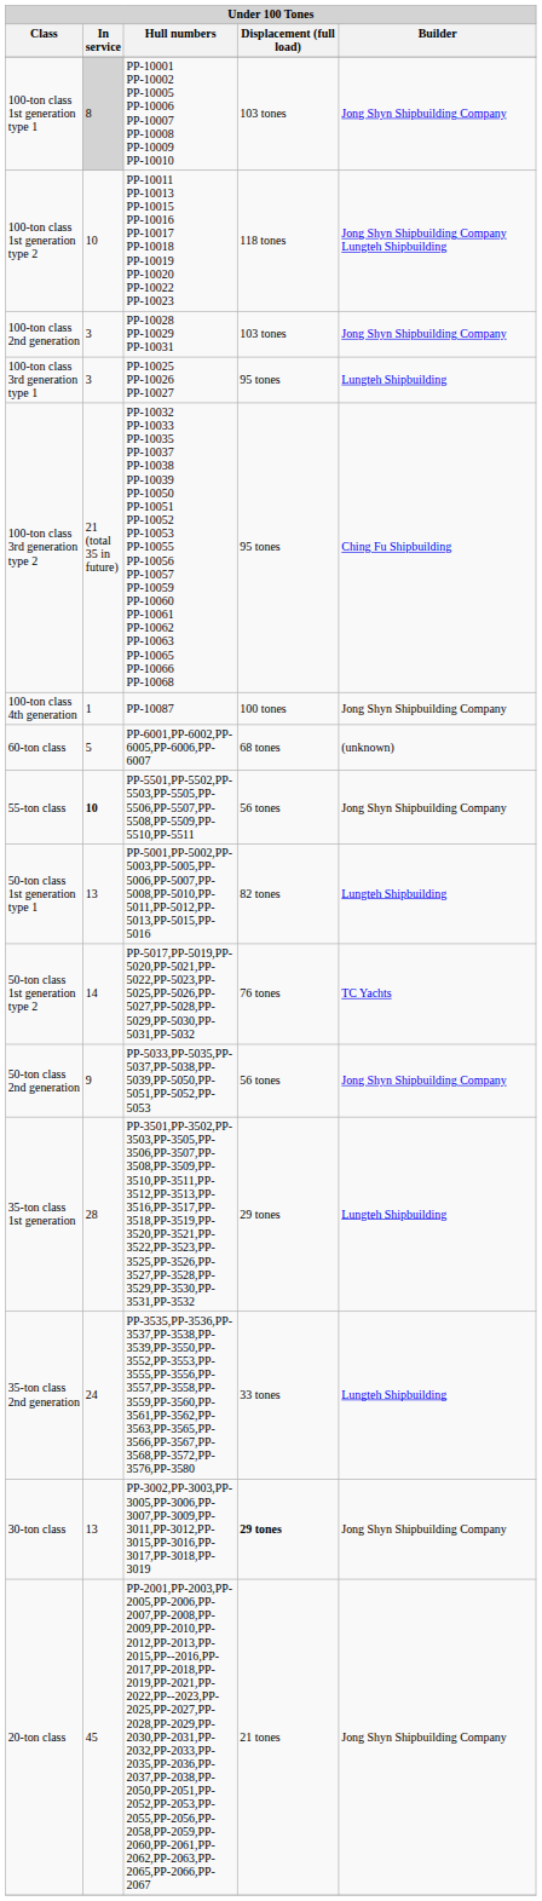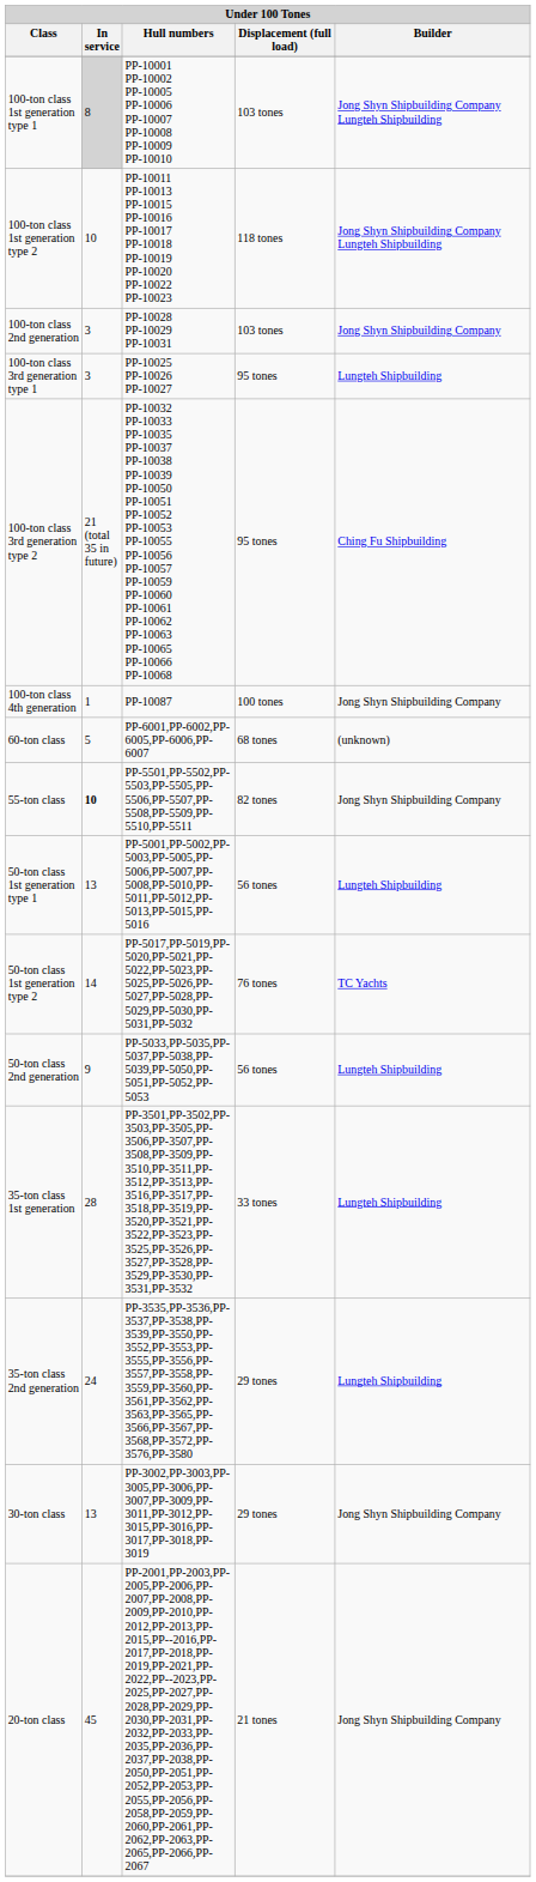 <table class="wikitable sortable" style="margin-left:auto;margin-right:auto;text-align: left;”">
 <tr>
 <th style="align: center; background:#D3D3D3;" colspan="8">Under 100 Tones</th>
 </tr>
 <tr valign="top">
 <th style="width: 6em" class="unsortable">Class</th>
 <th style="width: 2em">In service</th>
 <th style="width: 9em">Hull numbers</th>
 <th style="width: 8em" data-sort-type="number">Displacement (full load)</th>
 <th style="width: 16em">Builder</th>
 </tr>
 <tr valign="top">
 </tr>
 <tr>
 <td>100-ton class 1st generation type 1</td>
 <td style="background: lightgrey;">8</td>
 <td>PP-10001 <br> PP-10002 <br> PP-10005 <br> PP-10006 <br> PP-10007 <br> PP-10008 <br> PP-10009 <br> PP-10010</td>
 <td>103 tones</td>
-<td><a href='#'>Jong Shyn Shipbuilding Company</a></td>
+<td><a href='#'>Jong Shyn Shipbuilding Company</a> <br> <a href='#'>Lungteh Shipbuilding</a></td>
 </tr>
 <tr>
 <td>100-ton class 1st generation type 2</td>
 <td>10</td>
 <td>PP-10011 <br> PP-10013 <br> PP-10015 <br> PP-10016 <br> PP-10017 <br> PP-10018 <br> PP-10019 <br> PP-10020 <br> PP-10022 <br> PP-10023</td>
 <td>118 tones</td>
 <td><a href='#'>Jong Shyn Shipbuilding Company</a> <br> <a href='#'>Lungteh Shipbuilding</a></td>
 </tr>
 <tr>
 <td>100-ton class 2nd generation</td>
 <td>3</td>
 <td>PP-10028 <br> PP-10029 <br> PP-10031</td>
 <td>103 tones</td>
 <td><a href='#'>Jong Shyn Shipbuilding Company</a></td>
 </tr>
 <tr>
 <td>100-ton class 3rd generation type 1</td>
 <td>3</td>
 <td>PP-10025 <br> PP-10026 <br> PP-10027</td>
 <td>95 tones</td>
 <td><a href='#'>Lungteh Shipbuilding</a></td>
 </tr>
 <tr>
 <td>100-ton class 3rd generation type 2</td>
 <td>21 <br> (total 35 in future)</td>
 <td>PP-10032 <br> PP-10033 <br> PP-10035 <br> PP-10037 <br> PP-10038 <br> PP-10039 <br> PP-10050 <br> PP-10051 <br> PP-10052 <br> PP-10053 <br> PP-10055 <br> PP-10056 <br> PP-10057 <br> PP-10059 <br> PP-10060 <br> PP-10061 <br> PP-10062 <br> PP-10063 <br> PP-10065 <br> PP-10066 <br> PP-10068</td>
 <td>95 tones</td>
 <td><a href='#'>Ching Fu Shipbuilding</a></td>
 </tr>
 <tr>
 <td>100-ton class 4th generation</td>
 <td>1</td>
 <td>PP-10087</td>
 <td>100 tones</td>
 <td>Jong Shyn Shipbuilding Company</td>
 </tr>
 <tr>
 <td>60-ton class</td>
 <td>5</td>
 <td>PP-6001,PP-6002,PP-6005,PP-6006,PP-6007</td>
 <td>68 tones</td>
 <td>(unknown)</td>
 </tr>
 <tr>
 <td>55-ton class</td>
 <td><strong>10</strong></td>
 <td>PP-5501,PP-5502,PP-5503,PP-5505,PP-5506,PP-5507,PP-5508,PP-5509,PP-5510,PP-5511</td>
-<td>56 tones</td>
+<td>82 tones</td>
 <td>Jong Shyn Shipbuilding Company</td>
 </tr>
 <tr>
 <td>50-ton class 1st generation type 1</td>
 <td>13</td>
 <td>PP-5001,PP-5002,PP-5003,PP-5005,PP-5006,PP-5007,PP-5008,PP-5010,PP-5011,PP-5012,PP-5013,PP-5015,PP-5016</td>
-<td>82 tones</td>
+<td>56 tones</td>
 <td><a href='#'>Lungteh Shipbuilding</a></td>
 </tr>
 <tr>
 <td>50-ton class 1st generation type 2</td>
 <td>14</td>
 <td>PP-5017,PP-5019,PP-5020,PP-5021,PP-5022,PP-5023,PP-5025,PP-5026,PP-5027,PP-5028,PP-5029,PP-5030,PP-5031,PP-5032</td>
 <td>76 tones</td>
 <td><a href='#'>TC Yachts</a></td>
 </tr>
 <tr>
 <td>50-ton class 2nd generation</td>
 <td>9</td>
 <td>PP-5033,PP-5035,PP-5037,PP-5038,PP-5039,PP-5050,PP-5051,PP-5052,PP-5053</td>
 <td>56 tones</td>
-<td><a href='#'>Jong Shyn Shipbuilding Company</a></td>
+<td><a href='#'>Lungteh Shipbuilding</a></td>
 </tr>
 <tr>
 <td>35-ton class 1st generation</td>
 <td>28</td>
 <td>PP-3501,PP-3502,PP-3503,PP-3505,PP-3506,PP-3507,PP-3508,PP-3509,PP-3510,PP-3511,PP-3512,PP-3513,PP-3516,PP-3517,PP-3518,PP-3519,PP-3520,PP-3521,PP-3522,PP-3523,PP-3525,PP-3526,PP-3527,PP-3528,PP-3529,PP-3530,PP-3531,PP-3532</td>
-<td>29 tones</td>
+<td>33 tones</td>
 <td><a href='#'>Lungteh Shipbuilding</a></td>
 </tr>
 <tr>
 <td>35-ton class 2nd generation</td>
 <td>24</td>
 <td>PP-3535,PP-3536,PP-3537,PP-3538,PP-3539,PP-3550,PP-3552,PP-3553,PP-3555,PP-3556,PP-3557,PP-3558,PP-3559,PP-3560,PP-3561,PP-3562,PP-3563,PP-3565,PP-3566,PP-3567,PP-3568,PP-3572,PP-3576,PP-3580</td>
-<td>33 tones</td>
+<td>29 tones</td>
 <td><a href='#'>Lungteh Shipbuilding</a></td>
 </tr>
 <tr>
 <td>30-ton class</td>
 <td>13</td>
 <td>PP-3002,PP-3003,PP-3005,PP-3006,PP-3007,PP-3009,PP-3011,PP-3012,PP-3015,PP-3016,PP-3017,PP-3018,PP-3019</td>
-<td><strong>29 tones</strong></td>
+<td>29 tones</td>
 <td>Jong Shyn Shipbuilding Company</td>
 </tr>
 <tr>
 <td>20-ton class</td>
 <td>45</td>
 <td>PP-2001,PP-2003,PP-2005,PP-2006,PP-2007,PP-2008,PP-2009,PP-2010,PP-2012,PP-2013,PP-2015,PP-‐2016,PP-2017,PP-2018,PP-2019,PP-2021,PP-2022,PP-‐2023,PP-2025,PP-2027,PP-2028,PP-2029,PP-2030,PP-2031,PP-2032,PP-2033,PP-2035,PP-2036,PP-2037,PP-2038,PP-2050,PP-2051,PP-2052,PP-2053,PP-2055,PP-2056,PP-2058,PP-2059,PP-2060,PP-2061,PP-2062,PP-2063,PP-2065,PP-2066,PP-2067</td>
 <td>21 tones</td>
 <td>Jong Shyn Shipbuilding Company</td>
 </tr>
 <tr>
 </tr>
 </table>
